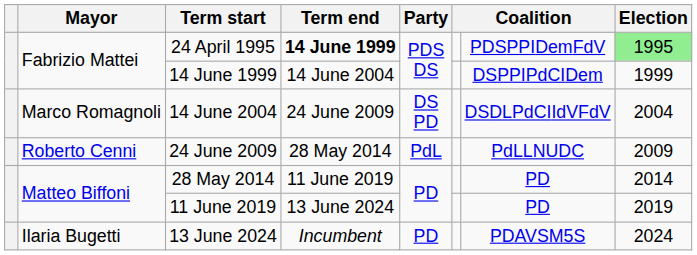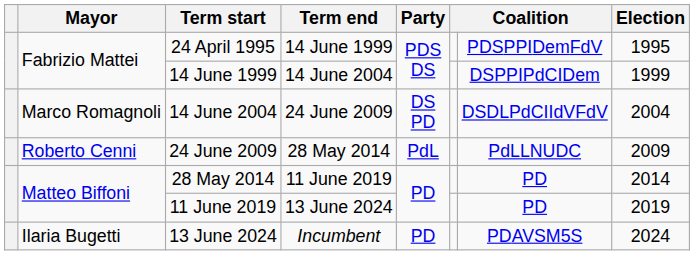 <table class="wikitable">
 <tr>
 <th class=unsortable> </th>
 <th>Mayor</th>
 <th>Term start</th>
 <th>Term end</th>
 <th>Party</th>
 <th colspan="2">Coalition</th>
 <th>Election</th>
 </tr>
 <tr>
 <th rowspan=2 style="background:"></th>
 <td rowspan=2>Fabrizio Mattei</td>
 <td align=center>24 April 1995</td>
-<td align=center><strong>14 June 1999</strong></td>
+<td align=center>14 June 1999</td>
 <td align=center rowspan=2><a href='#'>PDS</a><br><a href='#'>DS</a></td>
 <td style="background:"></td>
 <td align=center><a href='#'>PDS</a><a href='#'>PPI</a><a href='#'>Dem</a><a href='#'>FdV</a></td>
-<td align=center style="background: lightgreen;">1995</td>
+<td align=center>1995</td>
 </tr>
 <tr>
 <td align=center>14 June 1999</td>
 <td align=center>14 June 2004</td>
 <td style="background:"></td>
 <td align=center><a href='#'>DS</a><a href='#'>PPI</a><a href='#'>PdCI</a><a href='#'>Dem</a></td>
 <td align=center>1999</td>
 </tr>
 <tr>
 <th style="background:"></th>
 <td>Marco Romagnoli</td>
 <td align=center>14 June 2004</td>
 <td align=center>24 June 2009</td>
 <td align=center><a href='#'>DS</a><br><a href='#'>PD</a></td>
 <td style="background:"></td>
 <td align=center><a href='#'>DS</a><a href='#'>DL</a><a href='#'>PdCI</a><a href='#'>IdV</a><a href='#'>FdV</a></td>
 <td align=center>2004</td>
 </tr>
 <tr>
 <th style="background:"></th>
 <td><a href='#'>Roberto Cenni</a></td>
 <td align=center>24 June 2009</td>
 <td align=center>28 May 2014</td>
 <td align=center><a href='#'>PdL</a></td>
 <td style="background:"></td>
 <td align=center><a href='#'>PdL</a><a href='#'>LN</a><a href='#'>UDC</a></td>
 <td align=center>2009</td>
 </tr>
 <tr>
 <th rowspan=2 style="background:"></th>
 <td rowspan=2><a href='#'>Matteo Biffoni</a></td>
 <td align=center>28 May 2014</td>
 <td align=center>11 June 2019</td>
 <td align=center rowspan=2><a href='#'>PD</a></td>
 <td style="background:"></td>
 <td align=center><a href='#'>PD</a></td>
 <td align=center>2014</td>
 </tr>
 <tr>
 <td align=center>11 June 2019</td>
 <td align=center>13 June 2024</td>
 <td style="background:"></td>
 <td align=center><a href='#'>PD</a></td>
 <td align=center>2019</td>
 </tr>
 <tr>
 <th style="background:"></th>
 <td>Ilaria Bugetti</td>
 <td align=center>13 June 2024</td>
 <td align=center><em>Incumbent</em></td>
 <td align=center><a href='#'>PD</a></td>
 <td style="background:"></td>
 <td align=center><a href='#'>PD</a><a href='#'>AVS</a><a href='#'>M5S</a></td>
 <td align=center>2024</td>
 </tr>
 </table>
